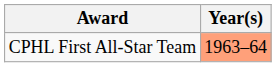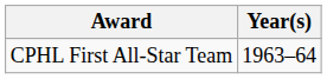 <table class="wikitable">
 <tr>
 <th>Award</th>
 <th>Year(s)</th>
 </tr>
 <tr>
 <td>CPHL First All-Star Team</td>
-<td style="background: lightsalmon;">1963–64</td>
+<td>1963–64</td>
 </tr>
 </table>
